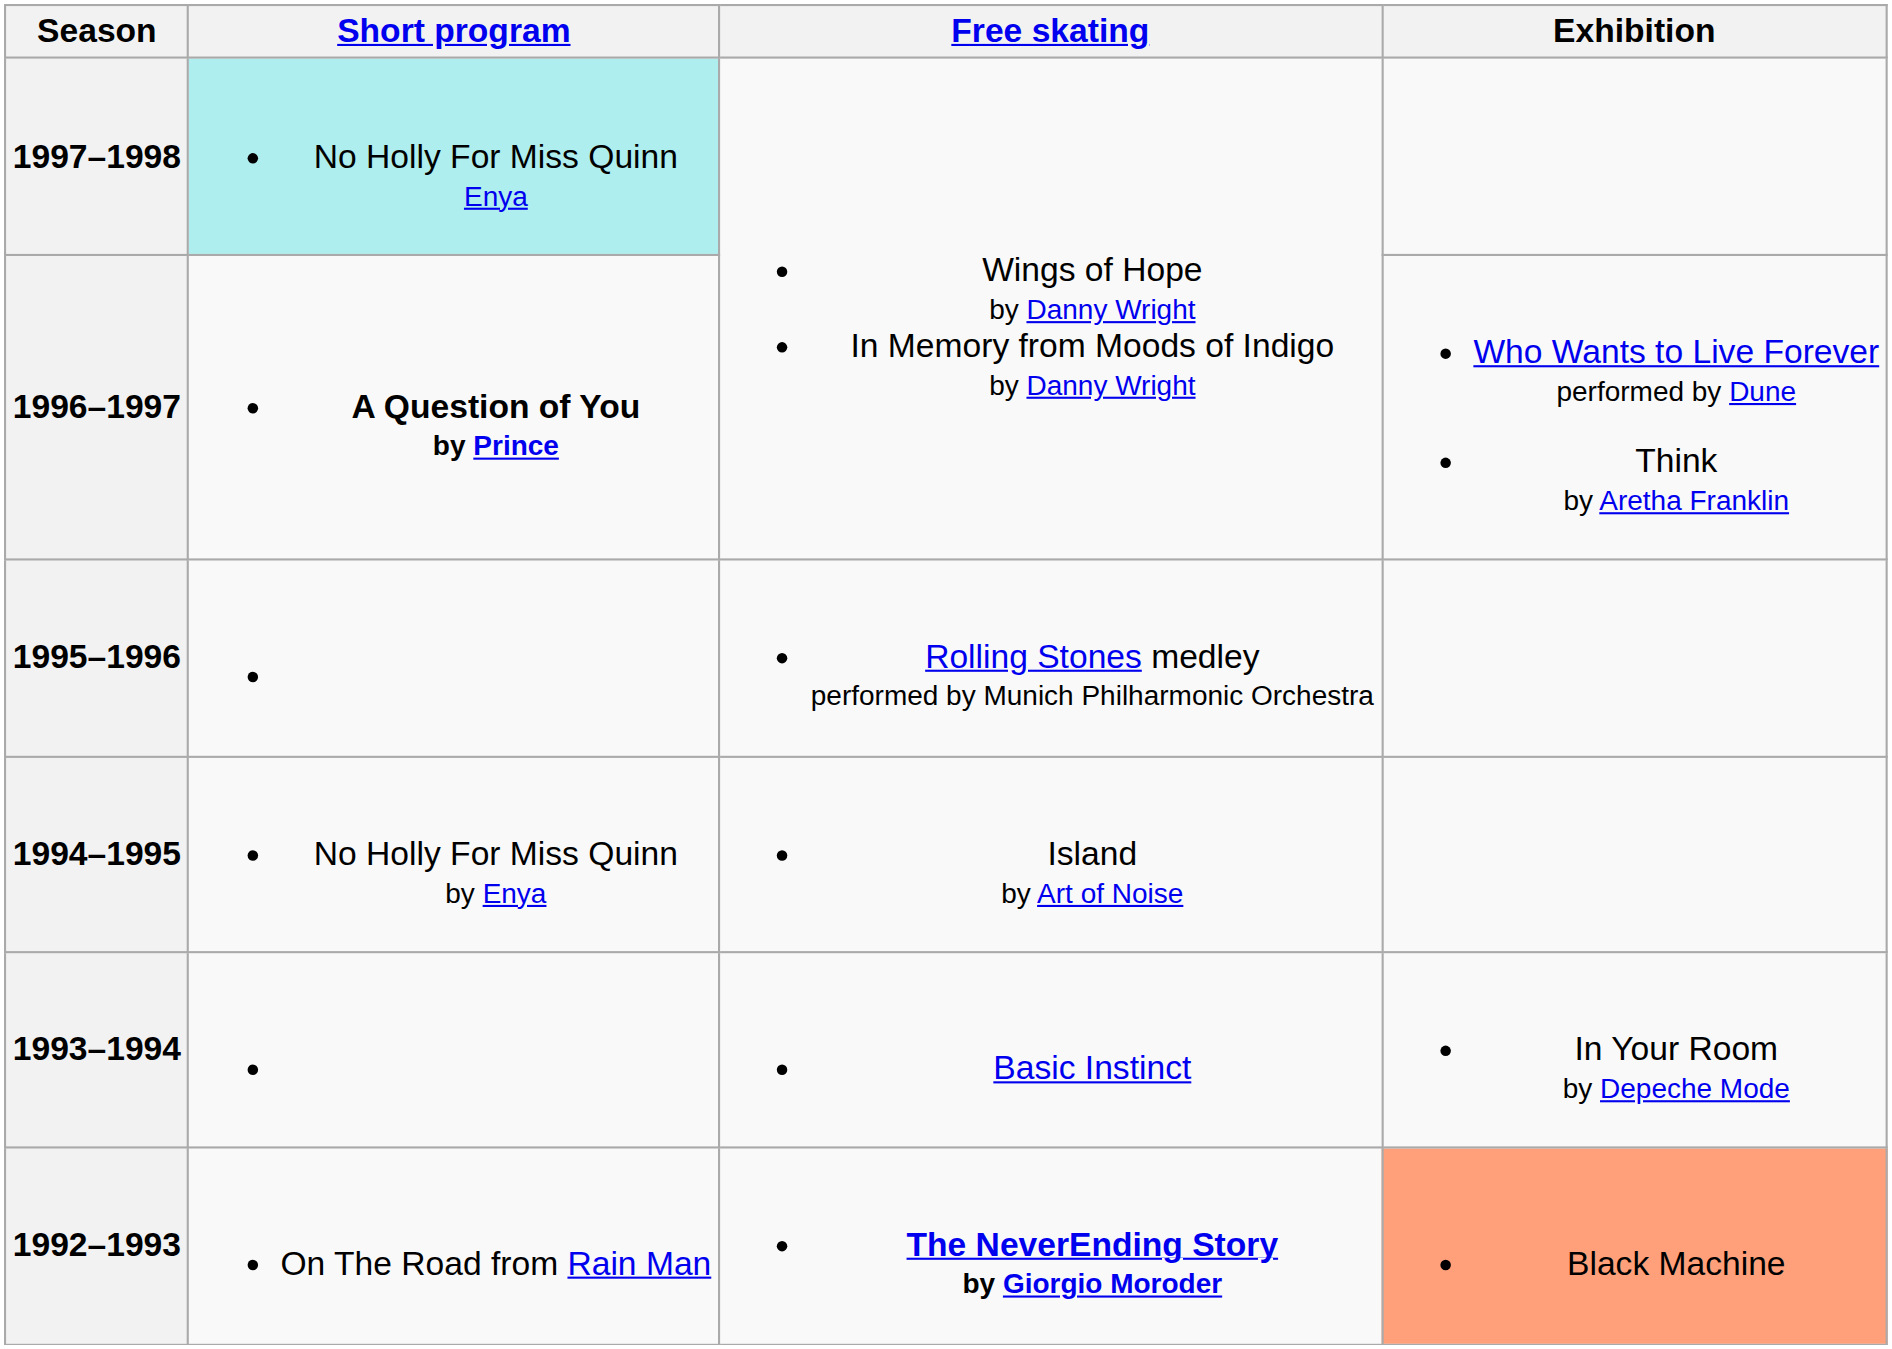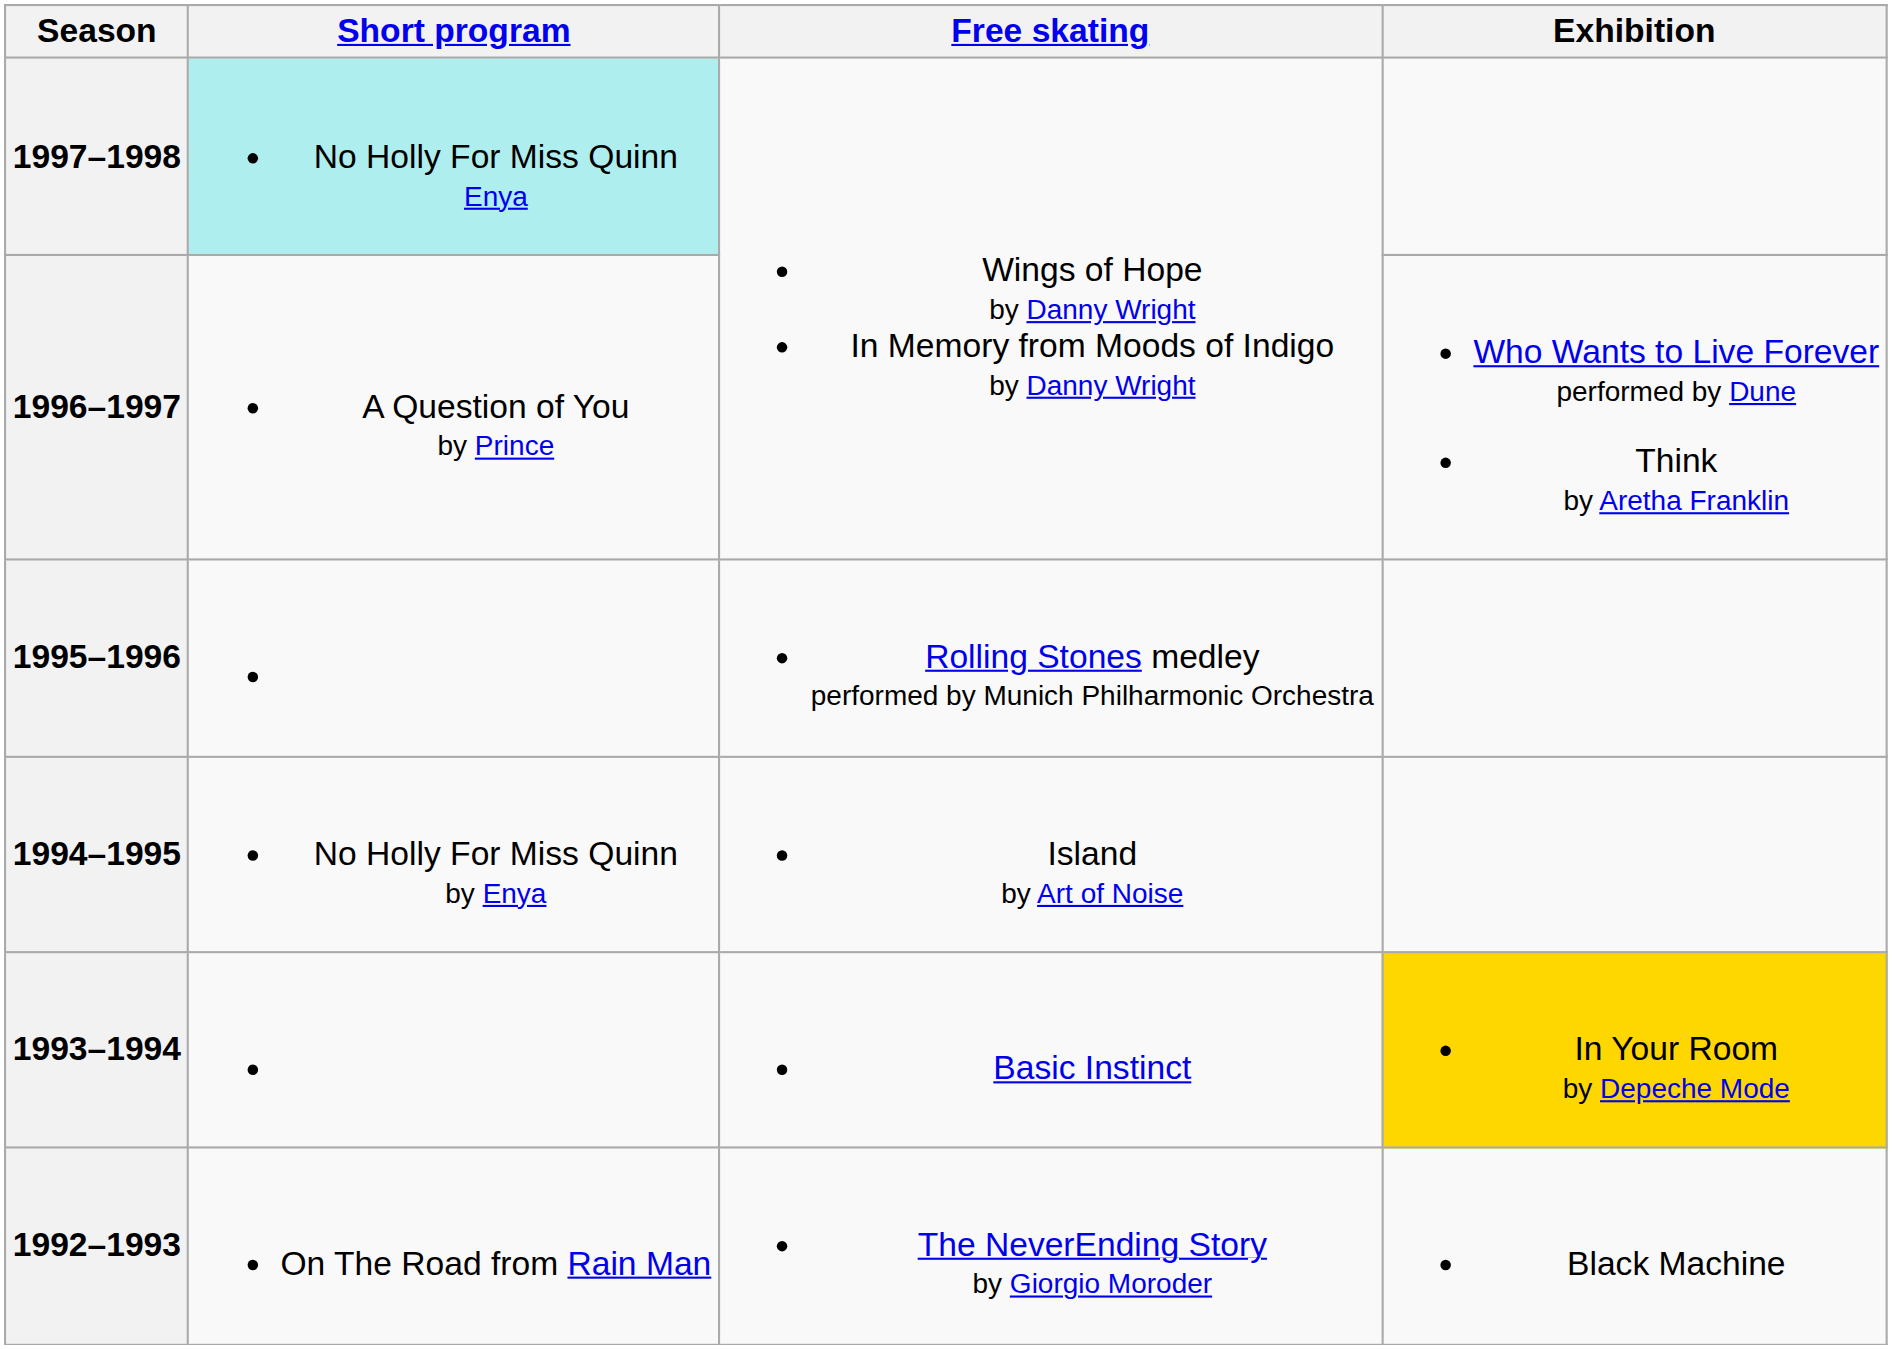 <table class="wikitable" style="text-align:center">
 <tr>
 <th>Season</th>
 <th><a href='#'>Short program</a></th>
 <th><a href='#'>Free skating</a></th>
 <th>Exhibition</th>
 </tr>
 <tr>
 <th>1997–1998</th>
 <td style="background: paleturquoise;"><br><ul><li>No Holly For Miss Quinn <br><small> <a href='#'>Enya</a> </small></li></ul></td>
 <td rowspan=2><br><ul><li>Wings of Hope <br><small> by <a href='#'>Danny Wright</a> </small></li><li>In Memory from Moods of Indigo <br><small> by <a href='#'>Danny Wright</a> </small></li></ul></td>
 <td></td>
 </tr>
 <tr>
 <th>1996–1997</th>
-<td><strong><br><ul><li>A Question of You <br><small> by <a href='#'>Prince</a> </small></li></ul></strong></td>
+<td><br><ul><li>A Question of You <br><small> by <a href='#'>Prince</a> </small></li></ul></td>
 <td><br><ul><li><a href='#'>Who Wants to Live Forever</a> <br><small> performed by <a href='#'>Dune</a> </small></li></ul><ul><li>Think <br><small> by <a href='#'>Aretha Franklin</a> </small></li></ul></td>
 </tr>
 <tr>
 <th>1995–1996</th>
 <td><br><ul><li></li></ul></td>
 <td><br><ul><li><a href='#'>Rolling Stones</a> medley <br><small> performed by Munich Philharmonic Orchestra </small></li></ul></td>
 <td></td>
 </tr>
 <tr>
 <th>1994–1995</th>
 <td><br><ul><li>No Holly For Miss Quinn <br><small> by <a href='#'>Enya</a> </small></li></ul></td>
 <td><br><ul><li>Island <br><small> by <a href='#'>Art of Noise</a> </small></li></ul></td>
 <td></td>
 </tr>
 <tr>
 <th>1993–1994</th>
 <td><br><ul><li></li></ul></td>
 <td><br><ul><li><a href='#'>Basic Instinct</a></li></ul></td>
-<td><br><ul><li>In Your Room <br><small> by <a href='#'>Depeche Mode</a> </small></li></ul></td>
+<td style="background: gold;"><br><ul><li>In Your Room <br><small> by <a href='#'>Depeche Mode</a> </small></li></ul></td>
 </tr>
 <tr>
 <th>1992–1993</th>
 <td><br><ul><li>On The Road from <a href='#'>Rain Man</a></li></ul></td>
-<td><strong><br><ul><li><a href='#'>The NeverEnding Story</a> <br><small> by <a href='#'>Giorgio Moroder</a> </small></li></ul></strong></td>
-<td style="background: lightsalmon;"><br><ul><li>Black Machine</li></ul></td>
+<td><br><ul><li><a href='#'>The NeverEnding Story</a> <br><small> by <a href='#'>Giorgio Moroder</a> </small></li></ul></td>
+<td><br><ul><li>Black Machine</li></ul></td>
 </tr>
 </table>
